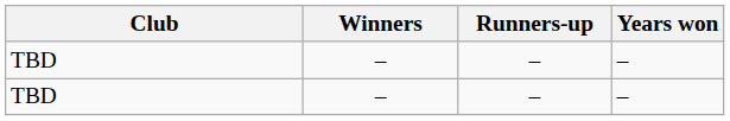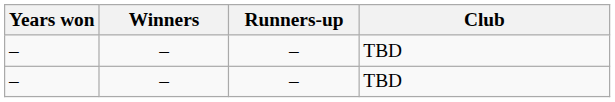 <table class="wikitable">
 <tr>
-<th width="200">Club</th>
+<th>Years won</th>
 <th width="100">Winners</th>
 <th width="100">Runners-up</th>
-<th>Years won</th>
+<th width="200">Club</th>
 </tr>
 <tr>
-<td>TBD</td>
+<td>–</td>
 <td align="center">–</td>
 <td align="center">–</td>
-<td>–</td>
+<td>TBD</td>
 </tr>
 <tr>
-<td>TBD</td>
+<td>–</td>
 <td align="center">–</td>
 <td align="center">–</td>
-<td>–</td>
+<td>TBD</td>
 </tr>
 </table>
